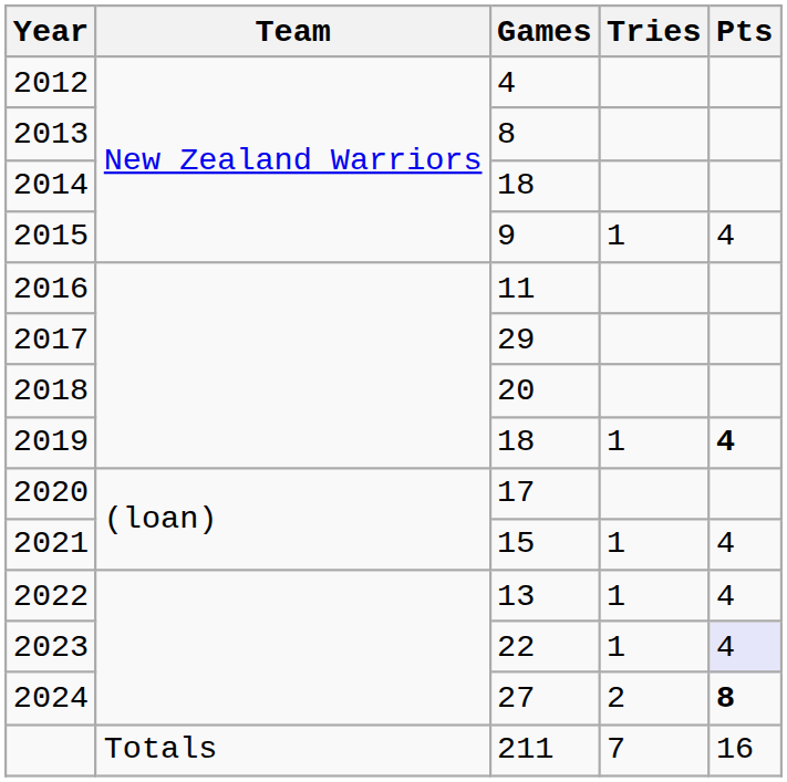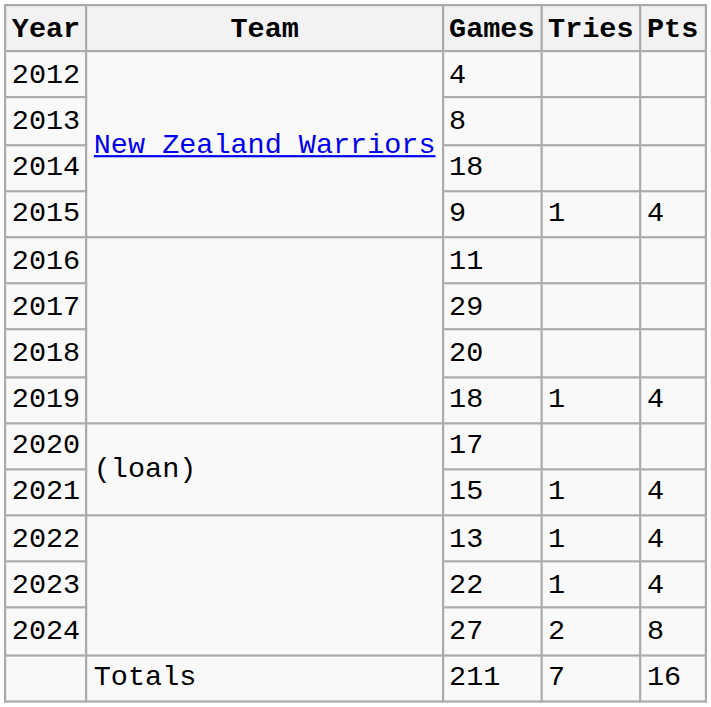 <table class="wikitable">
 <tr>
 <th>Year</th>
 <th>Team</th>
 <th>Games</th>
 <th>Tries</th>
 <th>Pts</th>
 </tr>
 <tr>
 <td>2012</td>
 <td rowspan="4"> <a href='#'>New Zealand Warriors</a></td>
 <td>4</td>
 <td></td>
 <td></td>
 </tr>
 <tr>
 <td>2013</td>
 <td>8</td>
 <td></td>
 <td></td>
 </tr>
 <tr>
 <td>2014</td>
 <td>18</td>
 <td></td>
 <td></td>
 </tr>
 <tr>
 <td>2015</td>
 <td>9</td>
 <td>1</td>
 <td>4</td>
 </tr>
 <tr>
 <td>2016</td>
 <td rowspan="4"></td>
 <td>11</td>
 <td></td>
 <td></td>
 </tr>
 <tr>
 <td>2017</td>
 <td>29</td>
 <td></td>
 <td></td>
 </tr>
 <tr>
 <td>2018</td>
 <td>20</td>
 <td></td>
 <td></td>
 </tr>
 <tr>
 <td>2019</td>
 <td>18</td>
 <td>1</td>
-<td><strong>4</strong></td>
+<td>4</td>
 </tr>
 <tr>
 <td>2020</td>
 <td rowspan="2"> (loan)</td>
 <td>17</td>
 <td></td>
 <td></td>
 </tr>
 <tr>
 <td>2021</td>
 <td>15</td>
 <td>1</td>
 <td>4</td>
 </tr>
 <tr>
 <td>2022</td>
 <td rowspan="3"></td>
 <td>13</td>
 <td>1</td>
 <td>4</td>
 </tr>
 <tr>
 <td>2023</td>
 <td>22</td>
 <td>1</td>
-<td style="background: lavender;">4</td>
+<td>4</td>
 </tr>
 <tr>
 <td>2024</td>
 <td>27</td>
 <td>2</td>
-<td><strong>8</strong></td>
+<td>8</td>
 </tr>
 <tr>
 <td></td>
 <td>Totals</td>
 <td>211</td>
 <td>7</td>
 <td>16</td>
 </tr>
 </table>
